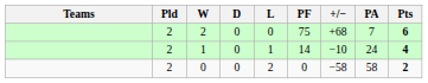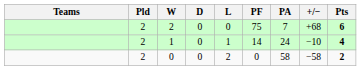 <table class="wikitable" style="text-align: center;">
 <tr>
 <th width="200">Teams</th>
 <th width="40">Pld</th>
 <th width="40">W</th>
 <th width="40">D</th>
 <th width="40">L</th>
 <th width="40">PF</th>
+<th width="40">PA</th>
 <th width="40">+/−</th>
-<th width="40">PA</th>
 <th width="40">Pts</th>
 </tr>
 <tr bgcolor=ccffcc>
 <td align=left></td>
 <td>2</td>
 <td>2</td>
 <td>0</td>
 <td>0</td>
 <td>75</td>
+<td>7</td>
 <td>+68</td>
-<td>7</td>
 <td><strong>6</strong></td>
 </tr>
 <tr bgcolor=ccffcc>
 <td align=left></td>
 <td>2</td>
 <td>1</td>
 <td>0</td>
 <td>1</td>
 <td>14</td>
+<td>24</td>
 <td>−10</td>
-<td>24</td>
 <td><strong>4</strong></td>
 </tr>
 <tr bgcolor=>
 <td align=left></td>
 <td>2</td>
 <td>0</td>
 <td>0</td>
 <td>2</td>
 <td>0</td>
+<td>58</td>
 <td>−58</td>
-<td>58</td>
 <td><strong>2</strong></td>
 </tr>
 </table>
